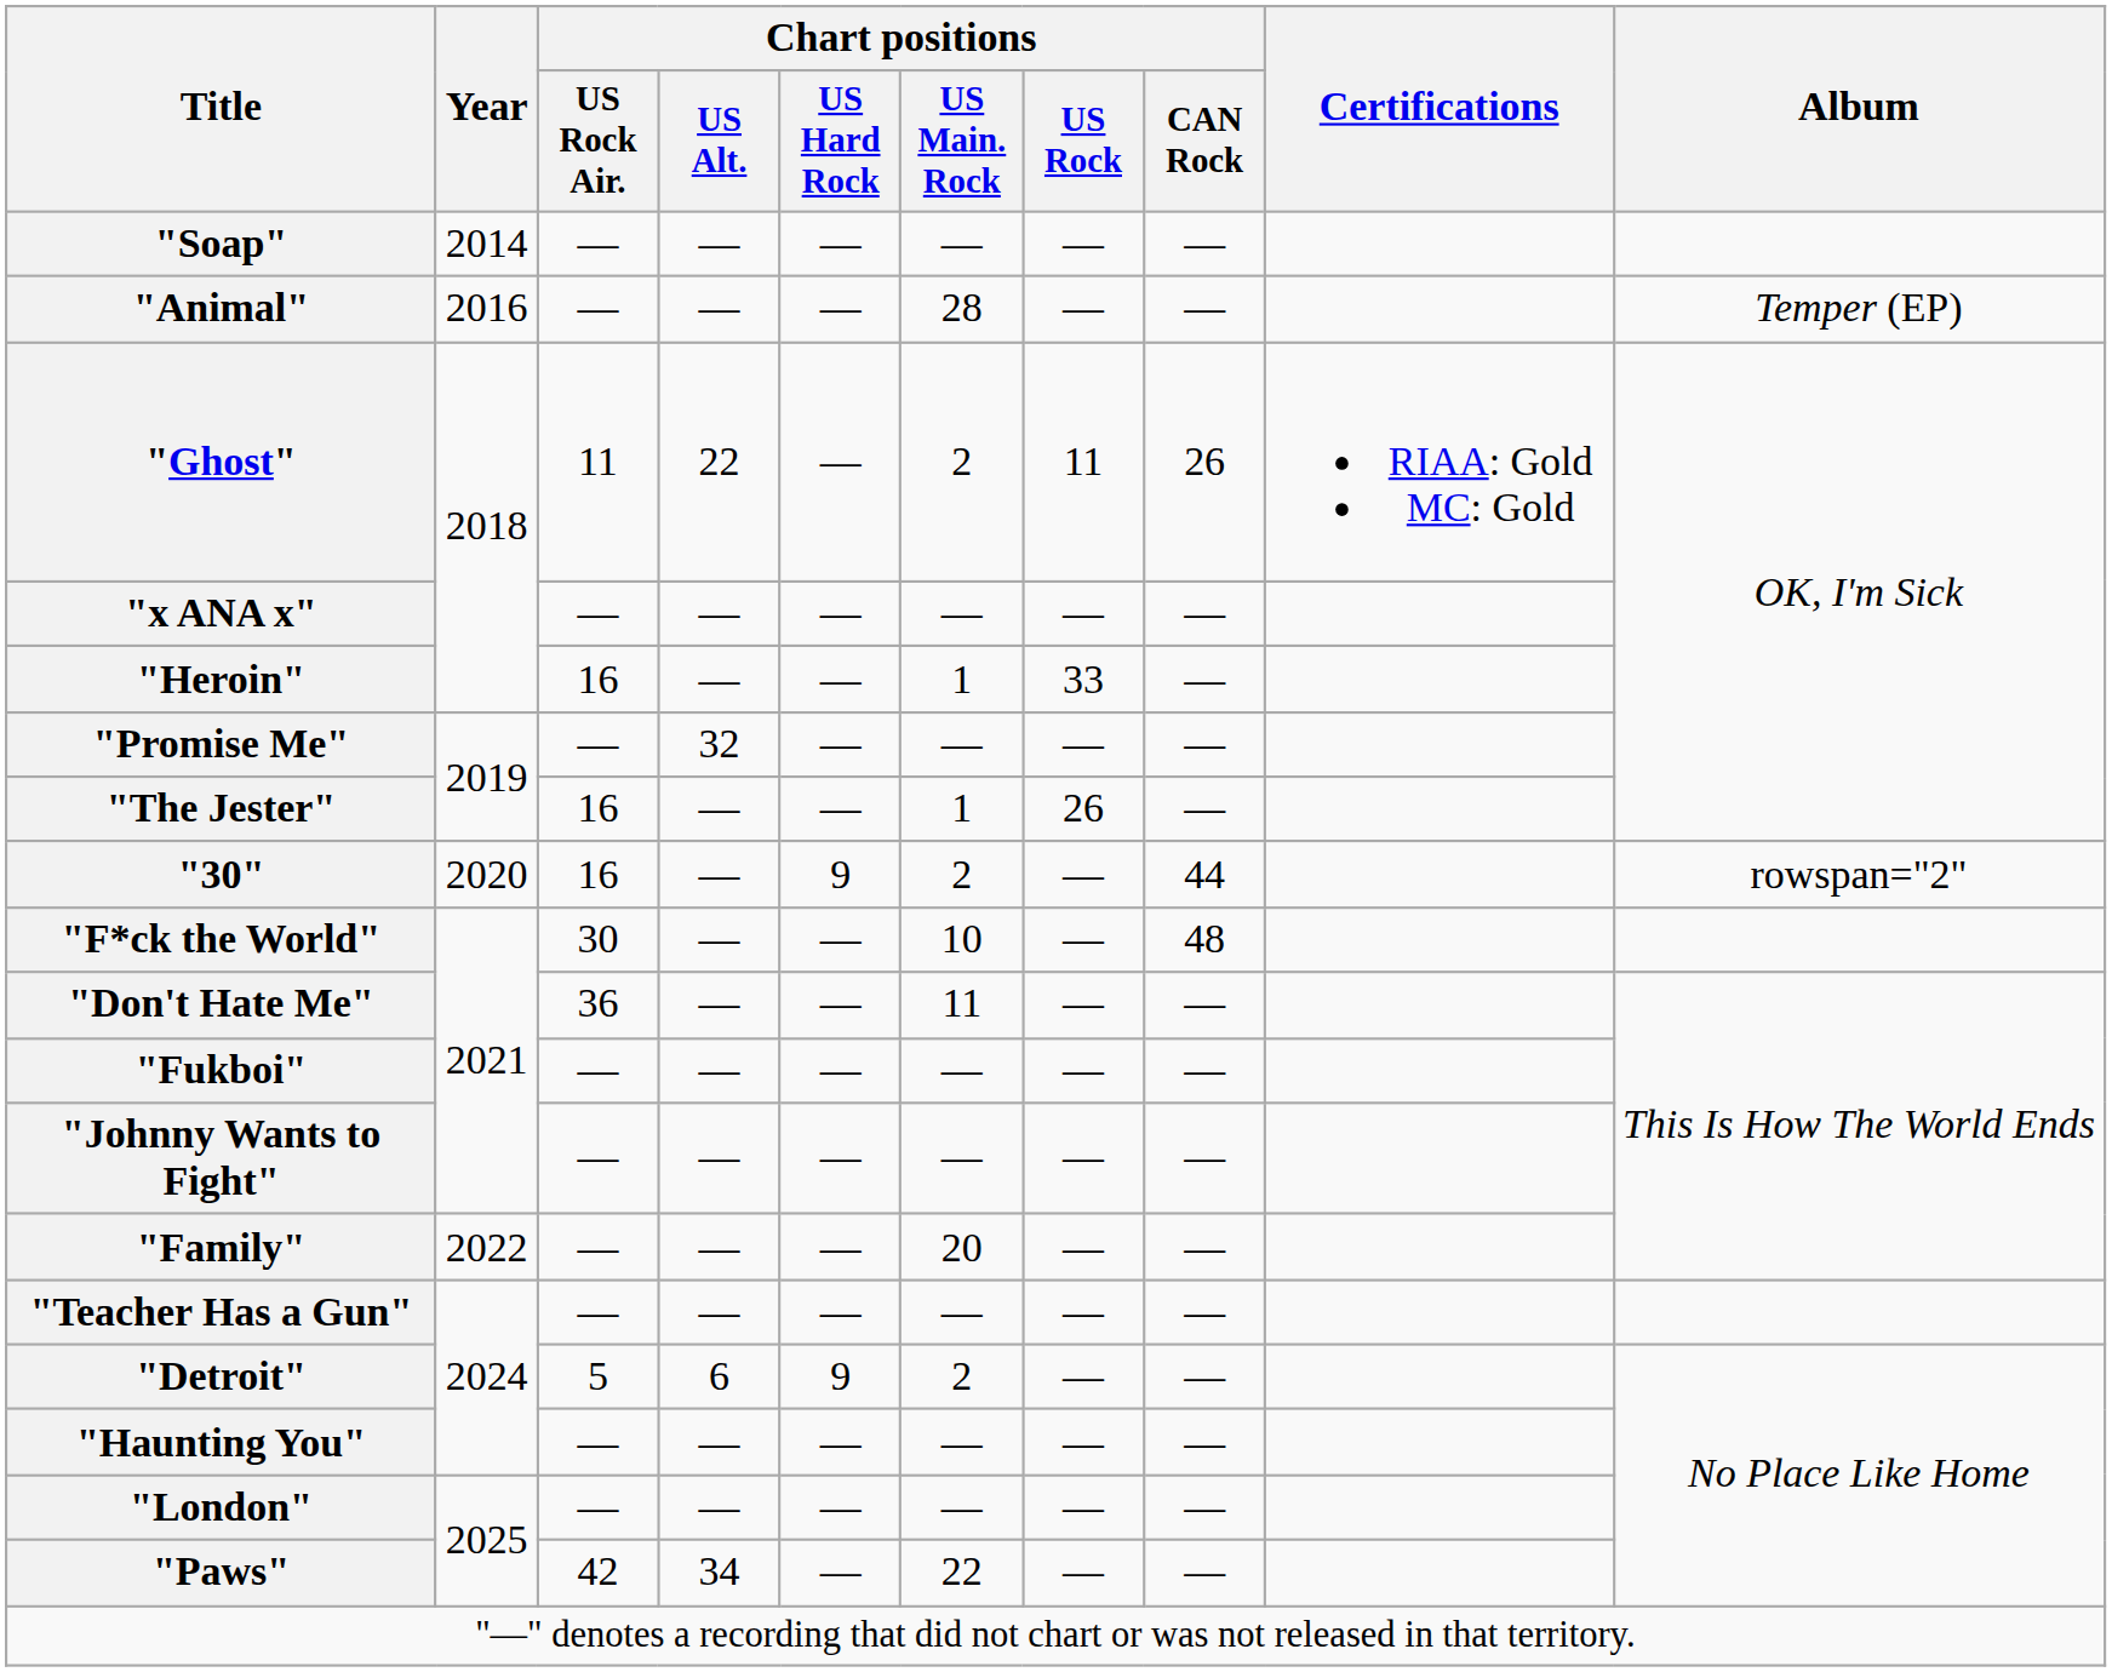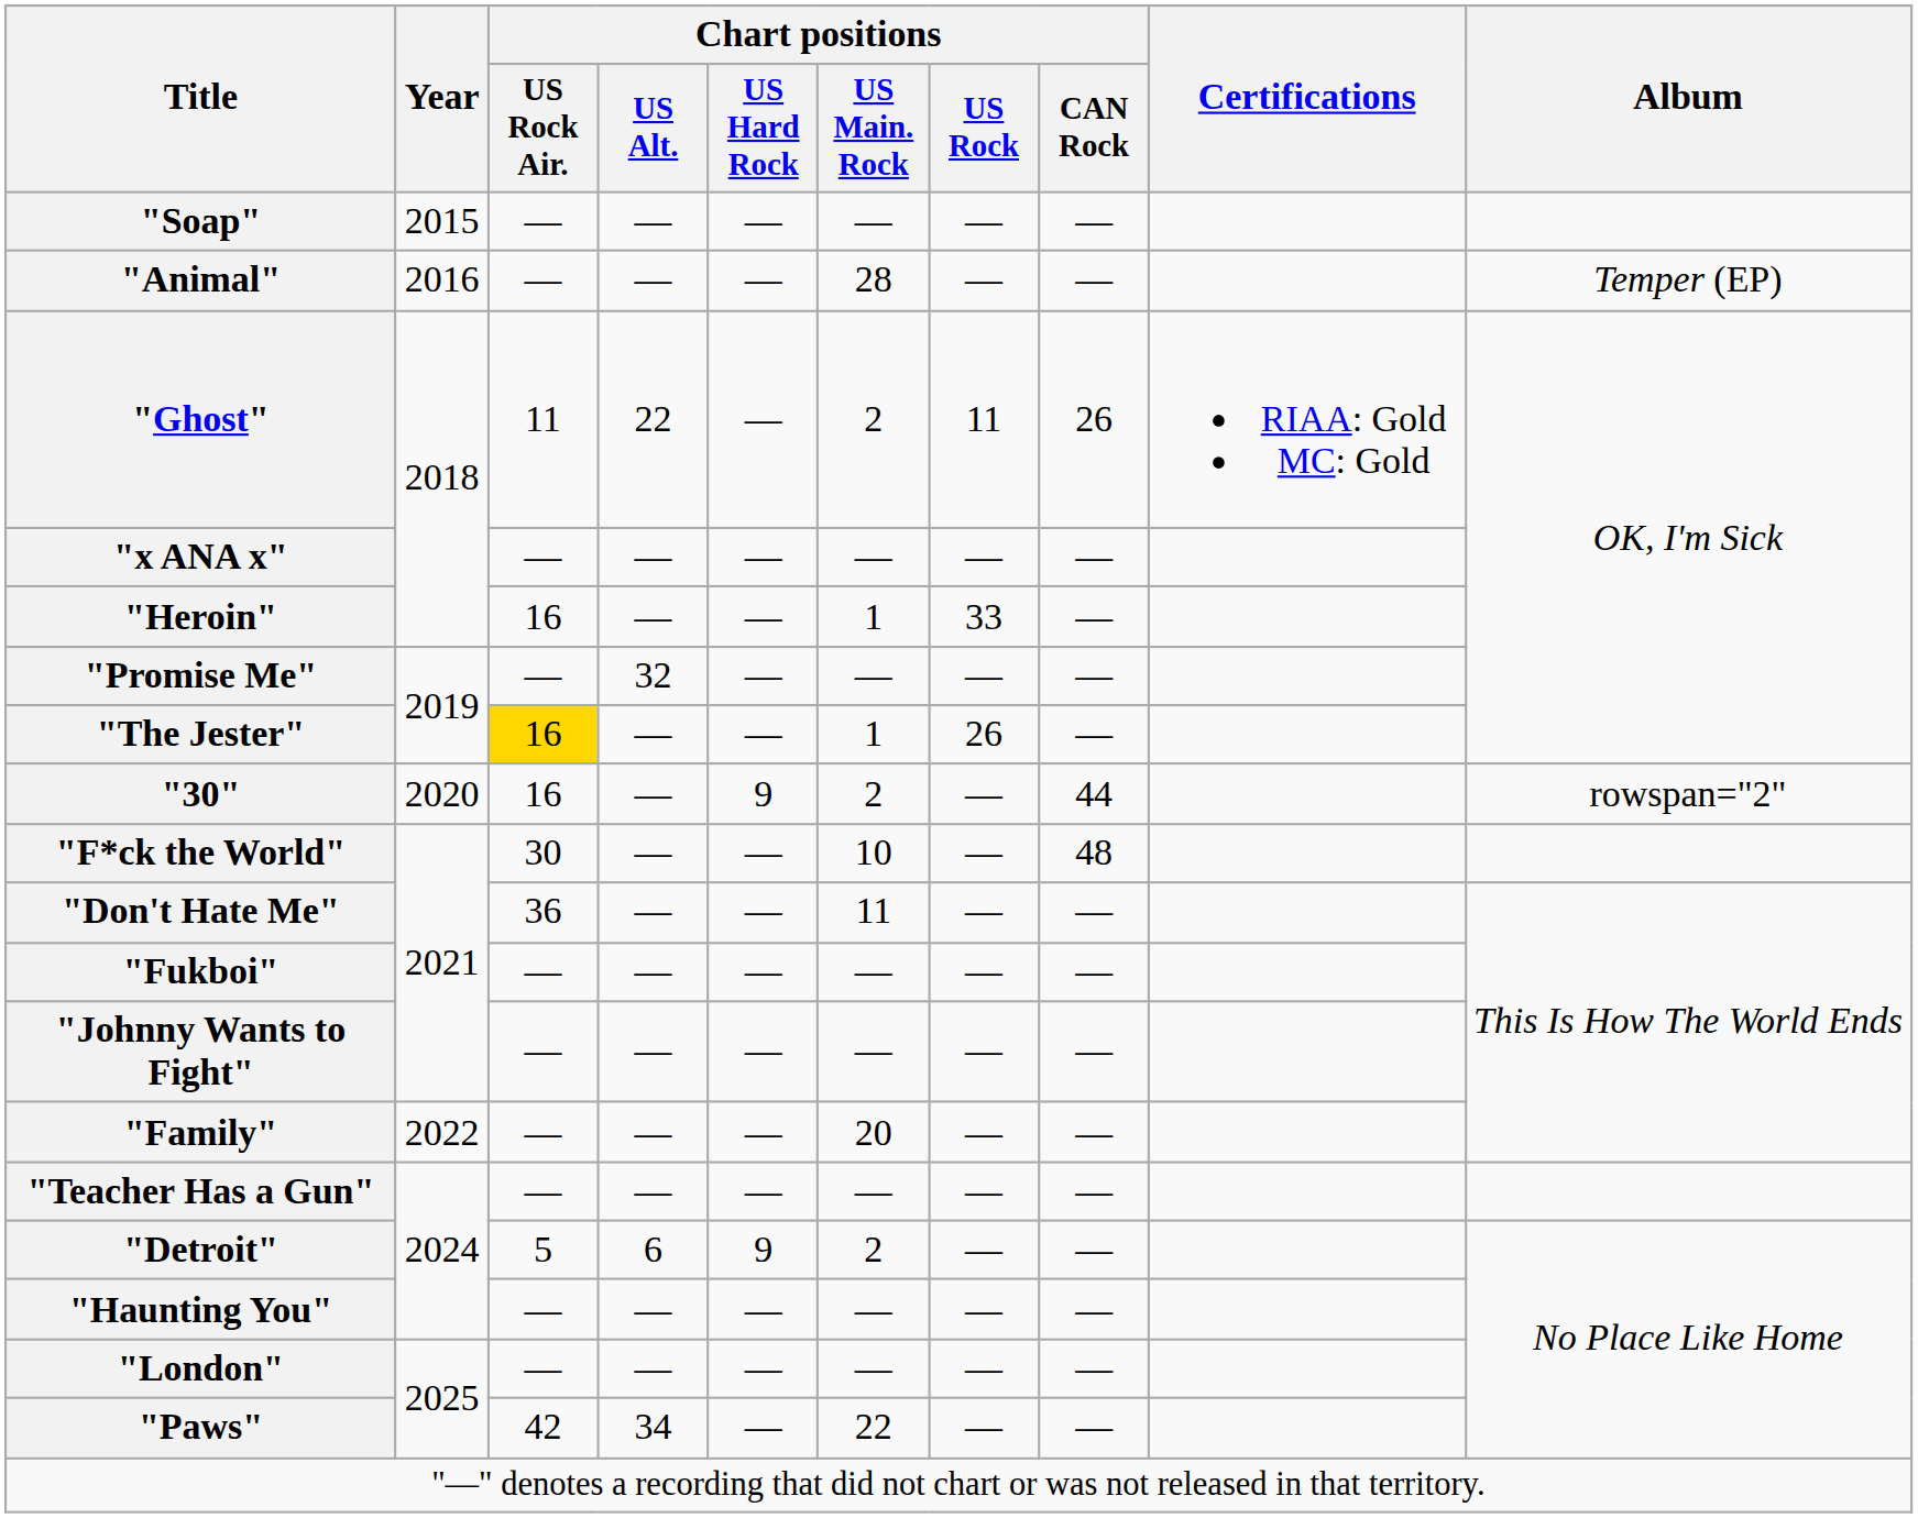 <table class="wikitable plainrowheaders" style="text-align:center;">
 <tr>
 <th scope="col" rowspan="2" style="width:10em;">Title</th>
 <th scope="col" rowspan="2">Year</th>
 <th scope="col" colspan="6">Chart positions</th>
 <th scope="col" rowspan="2" style="width:8em;"><a href='#'>Certifications</a></th>
 <th scope="col" rowspan="2">Album</th>
 </tr>
 <tr>
 <th scope="col" style="width:3em;font-size:85%;">US<br>Rock<br>Air.</th>
 <th scope="col" style="width:3em;font-size:85%;"><a href='#'>US<br>Alt.</a><br></th>
 <th scope="col" style="width:3em;font-size:85%;"><a href='#'>US<br>Hard Rock</a></th>
 <th scope="col" style="width:3em;font-size:85%;"><a href='#'>US<br>Main.<br>Rock</a><br></th>
 <th scope="col" style="width:3em;font-size:85%;"><a href='#'>US<br>Rock</a><br></th>
 <th scope="col" style="width:3em;font-size:85%;">CAN<br>Rock<br></th>
 </tr>
 <tr>
 <th scope="row">"Soap"</th>
-<td>2014</td>
+<td>2015</td>
 <td>—</td>
 <td>—</td>
 <td>—</td>
 <td>—</td>
 <td>—</td>
 <td>—</td>
 <td></td>
 <td></td>
 </tr>
 <tr>
 <th scope="row">"Animal"</th>
 <td>2016</td>
 <td>—</td>
 <td>—</td>
 <td>—</td>
 <td>28</td>
 <td>—</td>
 <td>—</td>
 <td></td>
 <td><em>Temper</em> (EP)</td>
 </tr>
 <tr>
 <th scope="row">"<a href='#'>Ghost</a>"</th>
 <td rowspan="3">2018</td>
 <td>11</td>
 <td>22</td>
 <td>—</td>
 <td>2</td>
 <td>11</td>
 <td>26</td>
 <td><br><ul><li><a href='#'>RIAA</a>: Gold</li><li><a href='#'>MC</a>: Gold</li></ul></td>
 <td rowspan="5"><em>OK, I'm Sick</em></td>
 </tr>
 <tr>
 <th scope="row">"x ANA x"</th>
 <td>—</td>
 <td>—</td>
 <td>—</td>
 <td>—</td>
 <td>—</td>
 <td>—</td>
 <td></td>
 </tr>
 <tr>
 <th scope="row">"Heroin"</th>
 <td>16</td>
 <td>—</td>
 <td>—</td>
 <td>1</td>
 <td>33</td>
 <td>—</td>
 <td></td>
 </tr>
 <tr>
 <th scope="row">"Promise Me"</th>
 <td rowspan="2">2019</td>
 <td>—</td>
 <td>32</td>
 <td>—</td>
 <td>—</td>
 <td>—</td>
 <td>—</td>
 <td></td>
 </tr>
 <tr>
 <th scope="row">"The Jester"</th>
-<td>16</td>
+<td style="background: gold;">16</td>
 <td>—</td>
 <td>—</td>
 <td>1</td>
 <td>26</td>
 <td>—</td>
 <td></td>
 </tr>
 <tr>
 <th scope="row">"30"</th>
 <td>2020</td>
 <td>16</td>
 <td>—</td>
 <td>9</td>
 <td>2</td>
 <td>—</td>
 <td>44</td>
 <td></td>
 <td>rowspan="2" </td>
 </tr>
 <tr>
 <th scope="row">"F*ck the World"</th>
 <td rowspan="4">2021</td>
 <td>30</td>
 <td>—</td>
 <td>—</td>
 <td>10</td>
 <td>—</td>
 <td>48</td>
 <td></td>
 </tr>
 <tr>
 <th scope="row">"Don't Hate Me"</th>
 <td>36</td>
 <td>—</td>
 <td>—</td>
 <td>11</td>
 <td>—</td>
 <td>—</td>
 <td></td>
 <td rowspan="4"><em>This Is How The World Ends</em></td>
 </tr>
 <tr>
 <th scope="row">"Fukboi"</th>
 <td>—</td>
 <td>—</td>
 <td>—</td>
 <td>—</td>
 <td>—</td>
 <td>—</td>
 <td></td>
 </tr>
 <tr>
 <th scope="row">"Johnny Wants to Fight"</th>
 <td>—</td>
 <td>—</td>
 <td>—</td>
 <td>—</td>
 <td>—</td>
 <td>—</td>
 <td></td>
 </tr>
 <tr>
 <th scope="row">"Family"</th>
 <td>2022</td>
 <td>—</td>
 <td>—</td>
 <td>—</td>
 <td>20</td>
 <td>—</td>
 <td>—</td>
 <td></td>
 </tr>
 <tr>
 <th scope="row">"Teacher Has a Gun"</th>
 <td rowspan="3">2024</td>
 <td>—</td>
 <td>—</td>
 <td>—</td>
 <td>—</td>
 <td>—</td>
 <td>—</td>
 <td></td>
 <td></td>
 </tr>
 <tr>
 <th scope="row">"Detroit"</th>
 <td>5</td>
 <td>6</td>
 <td>9</td>
 <td>2</td>
 <td>—</td>
 <td>—</td>
 <td></td>
 <td rowspan="4"><em>No Place Like Home</em></td>
 </tr>
 <tr>
 <th scope="row">"Haunting You"</th>
 <td>—</td>
 <td>—</td>
 <td>—</td>
 <td>—</td>
 <td>—</td>
 <td>—</td>
 <td></td>
 </tr>
 <tr>
 <th scope="row">"London"</th>
 <td rowspan="2">2025</td>
 <td>—</td>
 <td>—</td>
 <td>—</td>
 <td>—</td>
 <td>—</td>
 <td>—</td>
 <td></td>
 </tr>
 <tr>
 <th scope="row">"Paws"</th>
 <td>42</td>
 <td>34</td>
 <td>—</td>
 <td>22</td>
 <td>—</td>
 <td>—</td>
 <td></td>
 </tr>
 <tr>
 <td colspan="15" style="font-size:90%">"—" denotes a recording that did not chart or was not released in that territory.</td>
 </tr>
 </table>
